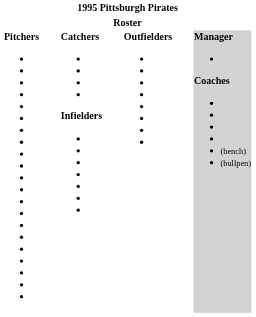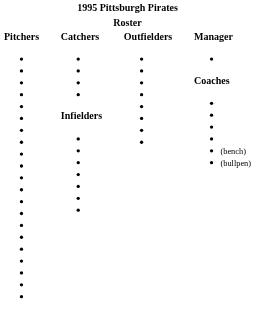 <table class="toccolours" style="font-size: 95%;">
 <tr>
 <th colspan="10" style=>1995 Pittsburgh Pirates</th>
 </tr>
 <tr>
 <th colspan="10" style=>Roster</th>
 </tr>
 <tr>
 <td valign="top"><strong>Pitchers</strong><br><ul><li></li><li></li><li></li><li></li><li></li><li></li><li></li><li></li><li></li><li></li><li></li><li></li><li></li><li></li><li></li><li></li><li></li><li></li><li></li><li></li><li></li></ul></td>
 <td width="25px"></td>
 <td valign="top"><strong>Catchers</strong><br><ul><li></li><li></li><li></li><li></li></ul><strong>Infielders</strong><ul><li></li><li></li><li></li><li></li><li></li><li></li><li></li></ul></td>
 <td width="25px"></td>
 <td valign="top"><strong>Outfielders</strong><br><ul><li></li><li></li><li></li><li></li><li></li><li></li><li></li><li></li></ul></td>
 <td width="25px"></td>
-<td valign="top" style="background: lightgrey;"><strong>Manager</strong><br><ul><li></li></ul><strong>Coaches</strong><ul><li></li><li></li><li></li><li></li><li> <small>(bench)</small></li><li> <small>(bullpen)</small></li></ul></td>
+<td valign="top"><strong>Manager</strong><br><ul><li></li></ul><strong>Coaches</strong><ul><li></li><li></li><li></li><li></li><li> <small>(bench)</small></li><li> <small>(bullpen)</small></li></ul></td>
 </tr>
 </table>
